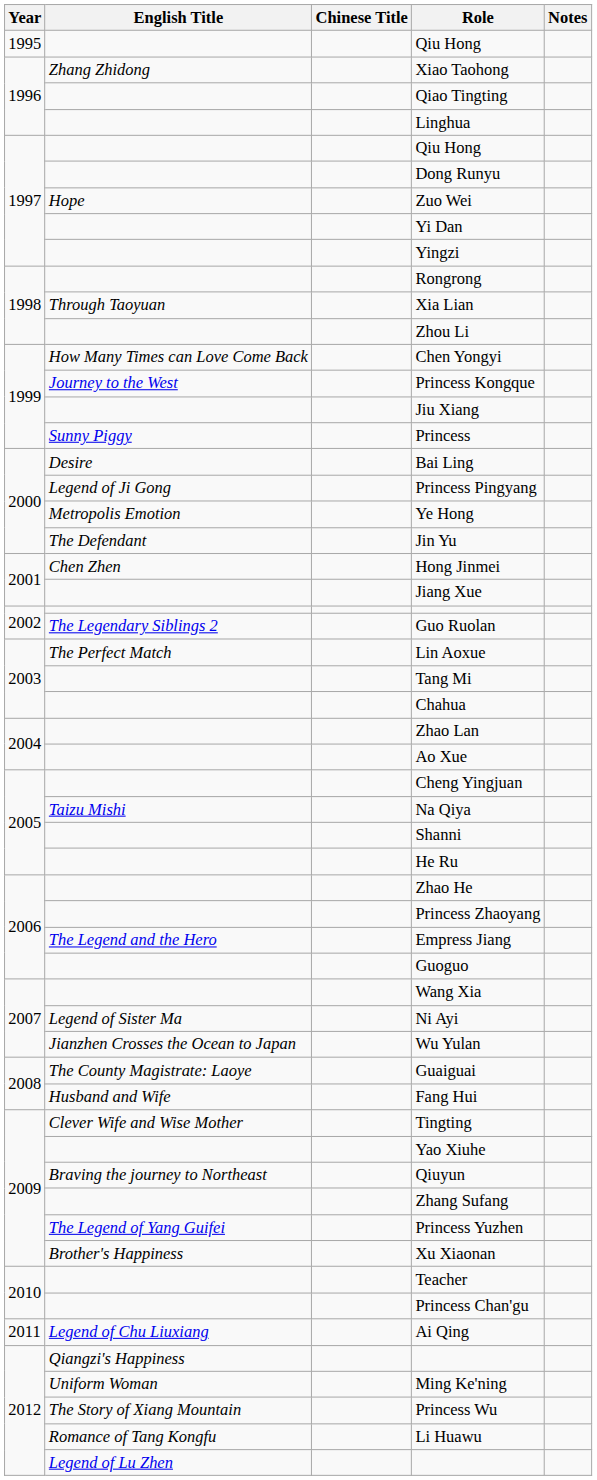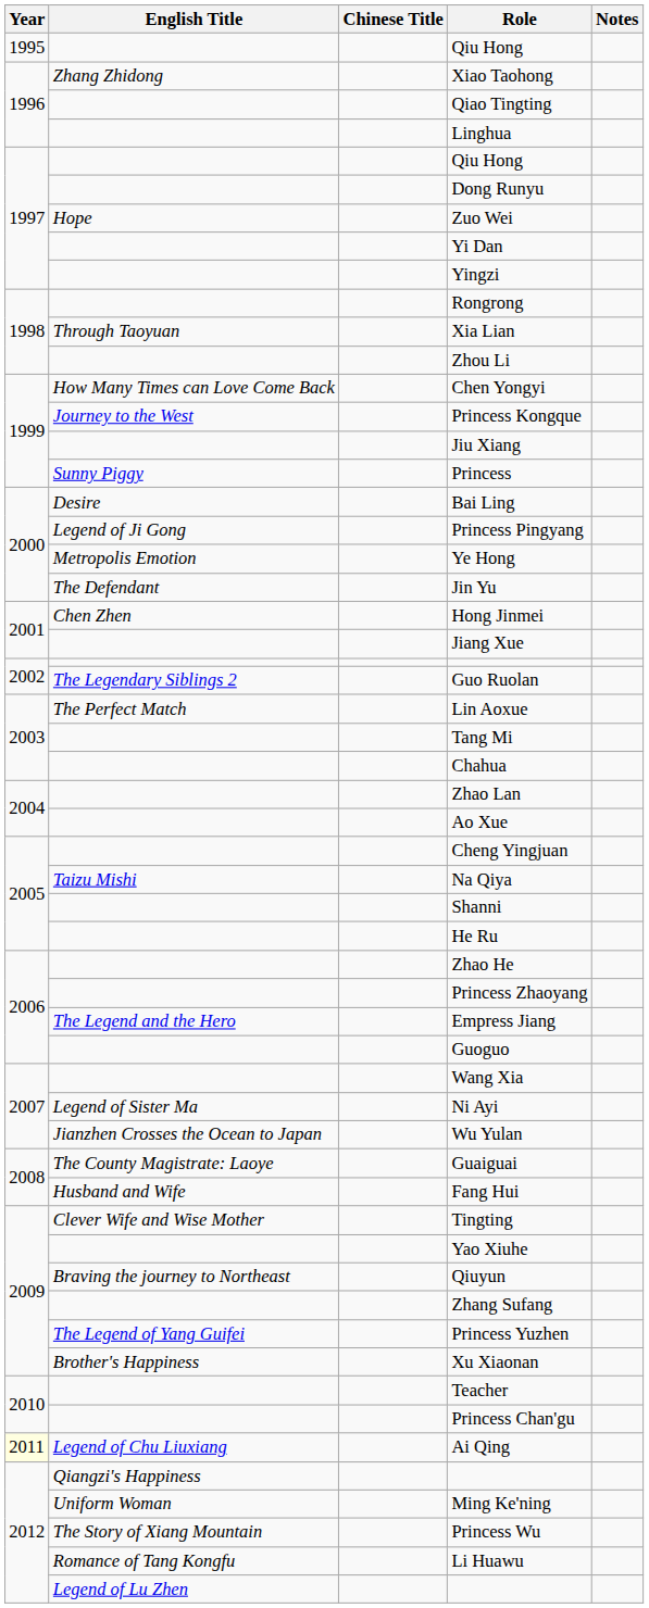 <table class="wikitable">
 <tr>
 <th>Year</th>
 <th>English Title</th>
 <th>Chinese Title</th>
 <th>Role</th>
 <th>Notes</th>
 </tr>
 <tr>
 <td>1995</td>
 <td></td>
 <td></td>
 <td>Qiu Hong</td>
 <td></td>
 </tr>
 <tr>
 <td rowspan="3">1996</td>
 <td><em>Zhang Zhidong</em></td>
 <td></td>
 <td>Xiao Taohong</td>
 <td></td>
 </tr>
 <tr>
 <td></td>
 <td></td>
 <td>Qiao Tingting</td>
 <td></td>
 </tr>
 <tr>
 <td></td>
 <td></td>
 <td>Linghua</td>
 <td></td>
 </tr>
 <tr>
 <td rowspan="5">1997</td>
 <td></td>
 <td></td>
 <td>Qiu Hong</td>
 <td></td>
 </tr>
 <tr>
 <td></td>
 <td></td>
 <td>Dong Runyu</td>
 <td></td>
 </tr>
 <tr>
 <td><em>Hope</em></td>
 <td></td>
 <td>Zuo Wei</td>
 <td></td>
 </tr>
 <tr>
 <td></td>
 <td></td>
 <td>Yi Dan</td>
 <td></td>
 </tr>
 <tr>
 <td></td>
 <td></td>
 <td>Yingzi</td>
 <td></td>
 </tr>
 <tr>
 <td rowspan="3">1998</td>
 <td></td>
 <td></td>
 <td>Rongrong</td>
 <td></td>
 </tr>
 <tr>
 <td><em>Through Taoyuan</em></td>
 <td></td>
 <td>Xia Lian</td>
 <td></td>
 </tr>
 <tr>
 <td></td>
 <td></td>
 <td>Zhou Li</td>
 <td></td>
 </tr>
 <tr>
 <td rowspan="4">1999</td>
 <td><em>How Many Times can Love Come Back</em></td>
 <td></td>
 <td>Chen Yongyi</td>
 <td></td>
 </tr>
 <tr>
 <td><em><a href='#'>Journey to the West</a></em></td>
 <td></td>
 <td>Princess Kongque</td>
 <td></td>
 </tr>
 <tr>
 <td></td>
 <td></td>
 <td>Jiu Xiang</td>
 <td></td>
 </tr>
 <tr>
 <td><em><a href='#'>Sunny Piggy</a></em></td>
 <td></td>
 <td>Princess</td>
 <td></td>
 </tr>
 <tr>
 <td rowspan="4">2000</td>
 <td><em>Desire</em></td>
 <td></td>
 <td>Bai Ling</td>
 <td></td>
 </tr>
 <tr>
 <td><em>Legend of Ji Gong</em></td>
 <td></td>
 <td>Princess Pingyang</td>
 <td></td>
 </tr>
 <tr>
 <td><em>Metropolis Emotion</em></td>
 <td></td>
 <td>Ye Hong</td>
 <td></td>
 </tr>
 <tr>
 <td><em>The Defendant</em></td>
 <td></td>
 <td>Jin Yu</td>
 <td></td>
 </tr>
 <tr>
 <td rowspan="2">2001</td>
 <td><em>Chen Zhen</em></td>
 <td></td>
 <td>Hong Jinmei</td>
 <td></td>
 </tr>
 <tr>
 <td></td>
 <td></td>
 <td>Jiang Xue</td>
 <td></td>
 </tr>
 <tr>
 <td rowspan="2">2002</td>
 <td></td>
 <td></td>
 <td></td>
 <td></td>
 </tr>
 <tr>
 <td><em><a href='#'>The Legendary Siblings 2</a></em></td>
 <td></td>
 <td>Guo Ruolan</td>
 <td></td>
 </tr>
 <tr>
 <td rowspan="3">2003</td>
 <td><em>The Perfect Match</em></td>
 <td></td>
 <td>Lin Aoxue</td>
 <td></td>
 </tr>
 <tr>
 <td></td>
 <td></td>
 <td>Tang Mi</td>
 <td></td>
 </tr>
 <tr>
 <td></td>
 <td></td>
 <td>Chahua</td>
 <td></td>
 </tr>
 <tr>
 <td rowspan="2">2004</td>
 <td></td>
 <td></td>
 <td>Zhao Lan</td>
 <td></td>
 </tr>
 <tr>
 <td></td>
 <td></td>
 <td>Ao Xue</td>
 <td></td>
 </tr>
 <tr>
 <td rowspan="4">2005</td>
 <td></td>
 <td></td>
 <td>Cheng Yingjuan</td>
 <td></td>
 </tr>
 <tr>
 <td><em><a href='#'>Taizu Mishi</a></em></td>
 <td></td>
 <td>Na Qiya</td>
 <td></td>
 </tr>
 <tr>
 <td></td>
 <td></td>
 <td>Shanni</td>
 <td></td>
 </tr>
 <tr>
 <td></td>
 <td></td>
 <td>He Ru</td>
 <td></td>
 </tr>
 <tr>
 <td rowspan="4">2006</td>
 <td></td>
 <td></td>
 <td>Zhao He</td>
 <td></td>
 </tr>
 <tr>
 <td></td>
 <td></td>
 <td>Princess Zhaoyang</td>
 <td></td>
 </tr>
 <tr>
 <td><em><a href='#'>The Legend and the Hero</a></em></td>
 <td></td>
 <td>Empress Jiang</td>
 <td></td>
 </tr>
 <tr>
 <td></td>
 <td></td>
 <td>Guoguo</td>
 <td></td>
 </tr>
 <tr>
 <td rowspan="3">2007</td>
 <td></td>
 <td></td>
 <td>Wang Xia</td>
 <td></td>
 </tr>
 <tr>
 <td><em>Legend of Sister Ma</em></td>
 <td></td>
 <td>Ni Ayi</td>
 <td></td>
 </tr>
 <tr>
 <td><em>Jianzhen Crosses the Ocean to Japan</em></td>
 <td></td>
 <td>Wu Yulan</td>
 <td></td>
 </tr>
 <tr>
 <td rowspan="2">2008</td>
 <td><em>The County Magistrate: Laoye</em></td>
 <td></td>
 <td>Guaiguai</td>
 <td></td>
 </tr>
 <tr>
 <td><em>Husband and Wife</em></td>
 <td></td>
 <td>Fang Hui</td>
 <td></td>
 </tr>
 <tr>
 <td rowspan="6">2009</td>
 <td><em>Clever Wife and Wise Mother</em></td>
 <td></td>
 <td>Tingting</td>
 <td></td>
 </tr>
 <tr>
 <td></td>
 <td></td>
 <td>Yao Xiuhe</td>
 <td></td>
 </tr>
 <tr>
 <td><em>Braving the journey to Northeast</em></td>
 <td></td>
 <td>Qiuyun</td>
 <td></td>
 </tr>
 <tr>
 <td></td>
 <td></td>
 <td>Zhang Sufang</td>
 <td></td>
 </tr>
 <tr>
 <td><em><a href='#'>The Legend of Yang Guifei</a></em></td>
 <td></td>
 <td>Princess Yuzhen</td>
 <td></td>
 </tr>
 <tr>
 <td><em>Brother's Happiness</em></td>
 <td></td>
 <td>Xu Xiaonan</td>
 <td></td>
 </tr>
 <tr>
 <td rowspan="2">2010</td>
 <td></td>
 <td></td>
 <td>Teacher</td>
 <td></td>
 </tr>
 <tr>
 <td></td>
 <td></td>
 <td>Princess Chan'gu</td>
 <td></td>
 </tr>
 <tr>
-<td>2011</td>
+<td style="background: lightyellow;">2011</td>
 <td><em><a href='#'>Legend of Chu Liuxiang</a></em></td>
 <td></td>
 <td>Ai Qing</td>
 <td></td>
 </tr>
 <tr>
 <td rowspan="5">2012</td>
 <td><em>Qiangzi's Happiness</em></td>
 <td></td>
 <td></td>
 <td></td>
 </tr>
 <tr>
 <td><em>Uniform Woman</em></td>
 <td></td>
 <td>Ming Ke'ning</td>
 <td></td>
 </tr>
 <tr>
 <td><em>The Story of Xiang Mountain</em></td>
 <td></td>
 <td>Princess Wu</td>
 <td></td>
 </tr>
 <tr>
 <td><em>Romance of Tang Kongfu</em></td>
 <td></td>
 <td>Li Huawu</td>
 <td></td>
 </tr>
 <tr>
 <td><em><a href='#'>Legend of Lu Zhen</a></em></td>
 <td></td>
 <td></td>
 <td></td>
 </tr>
 </table>
